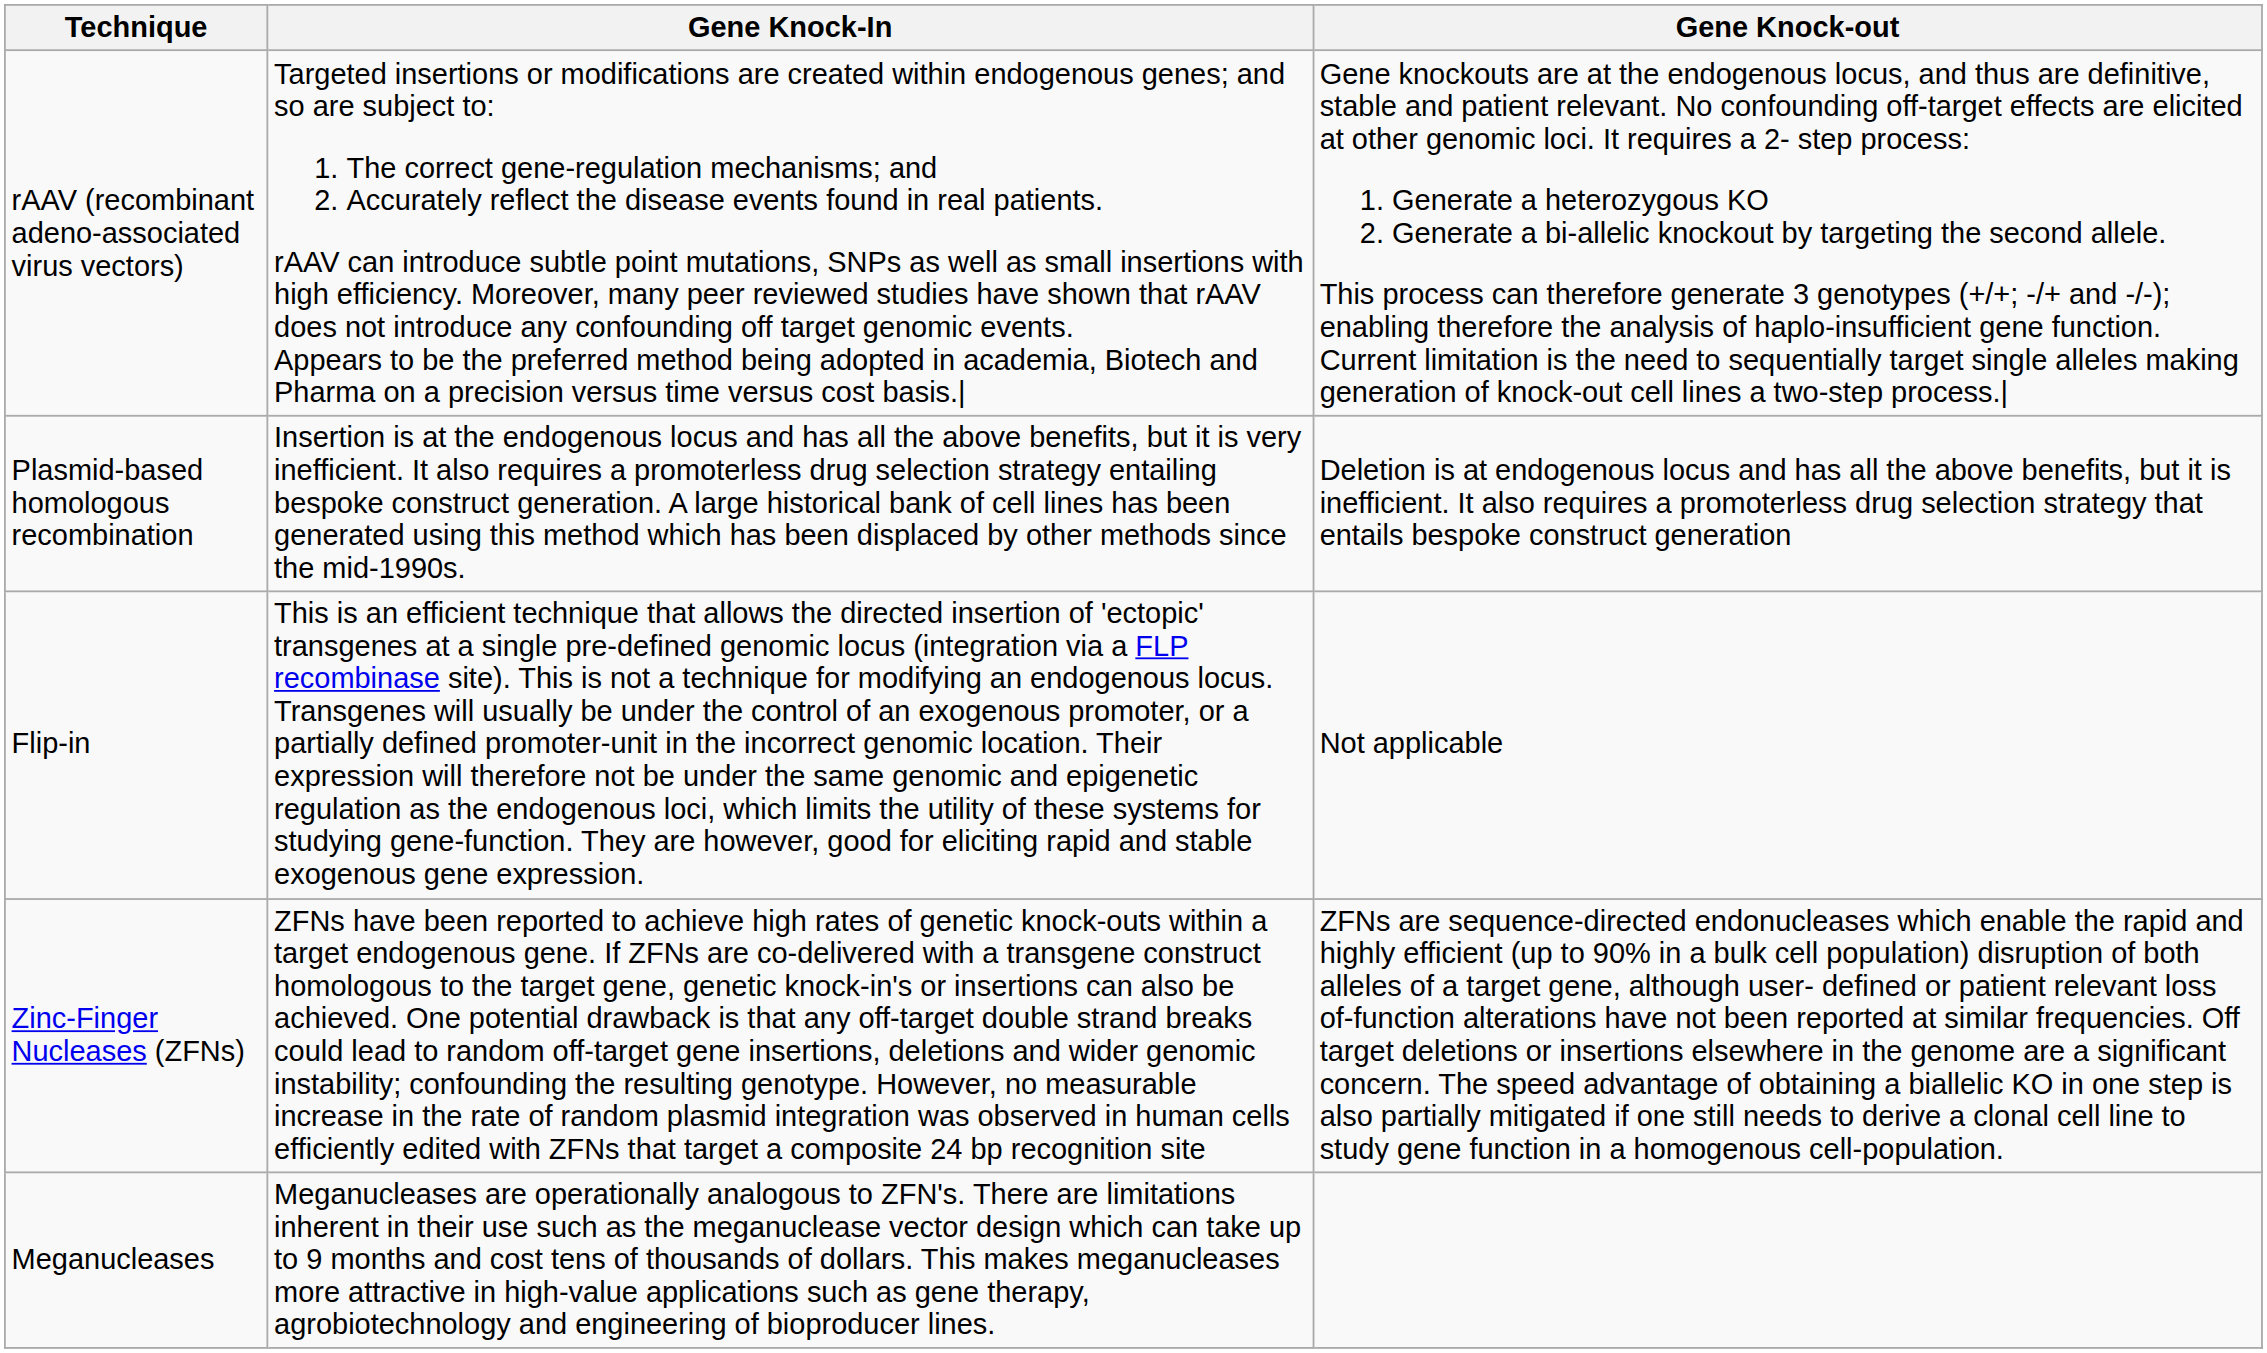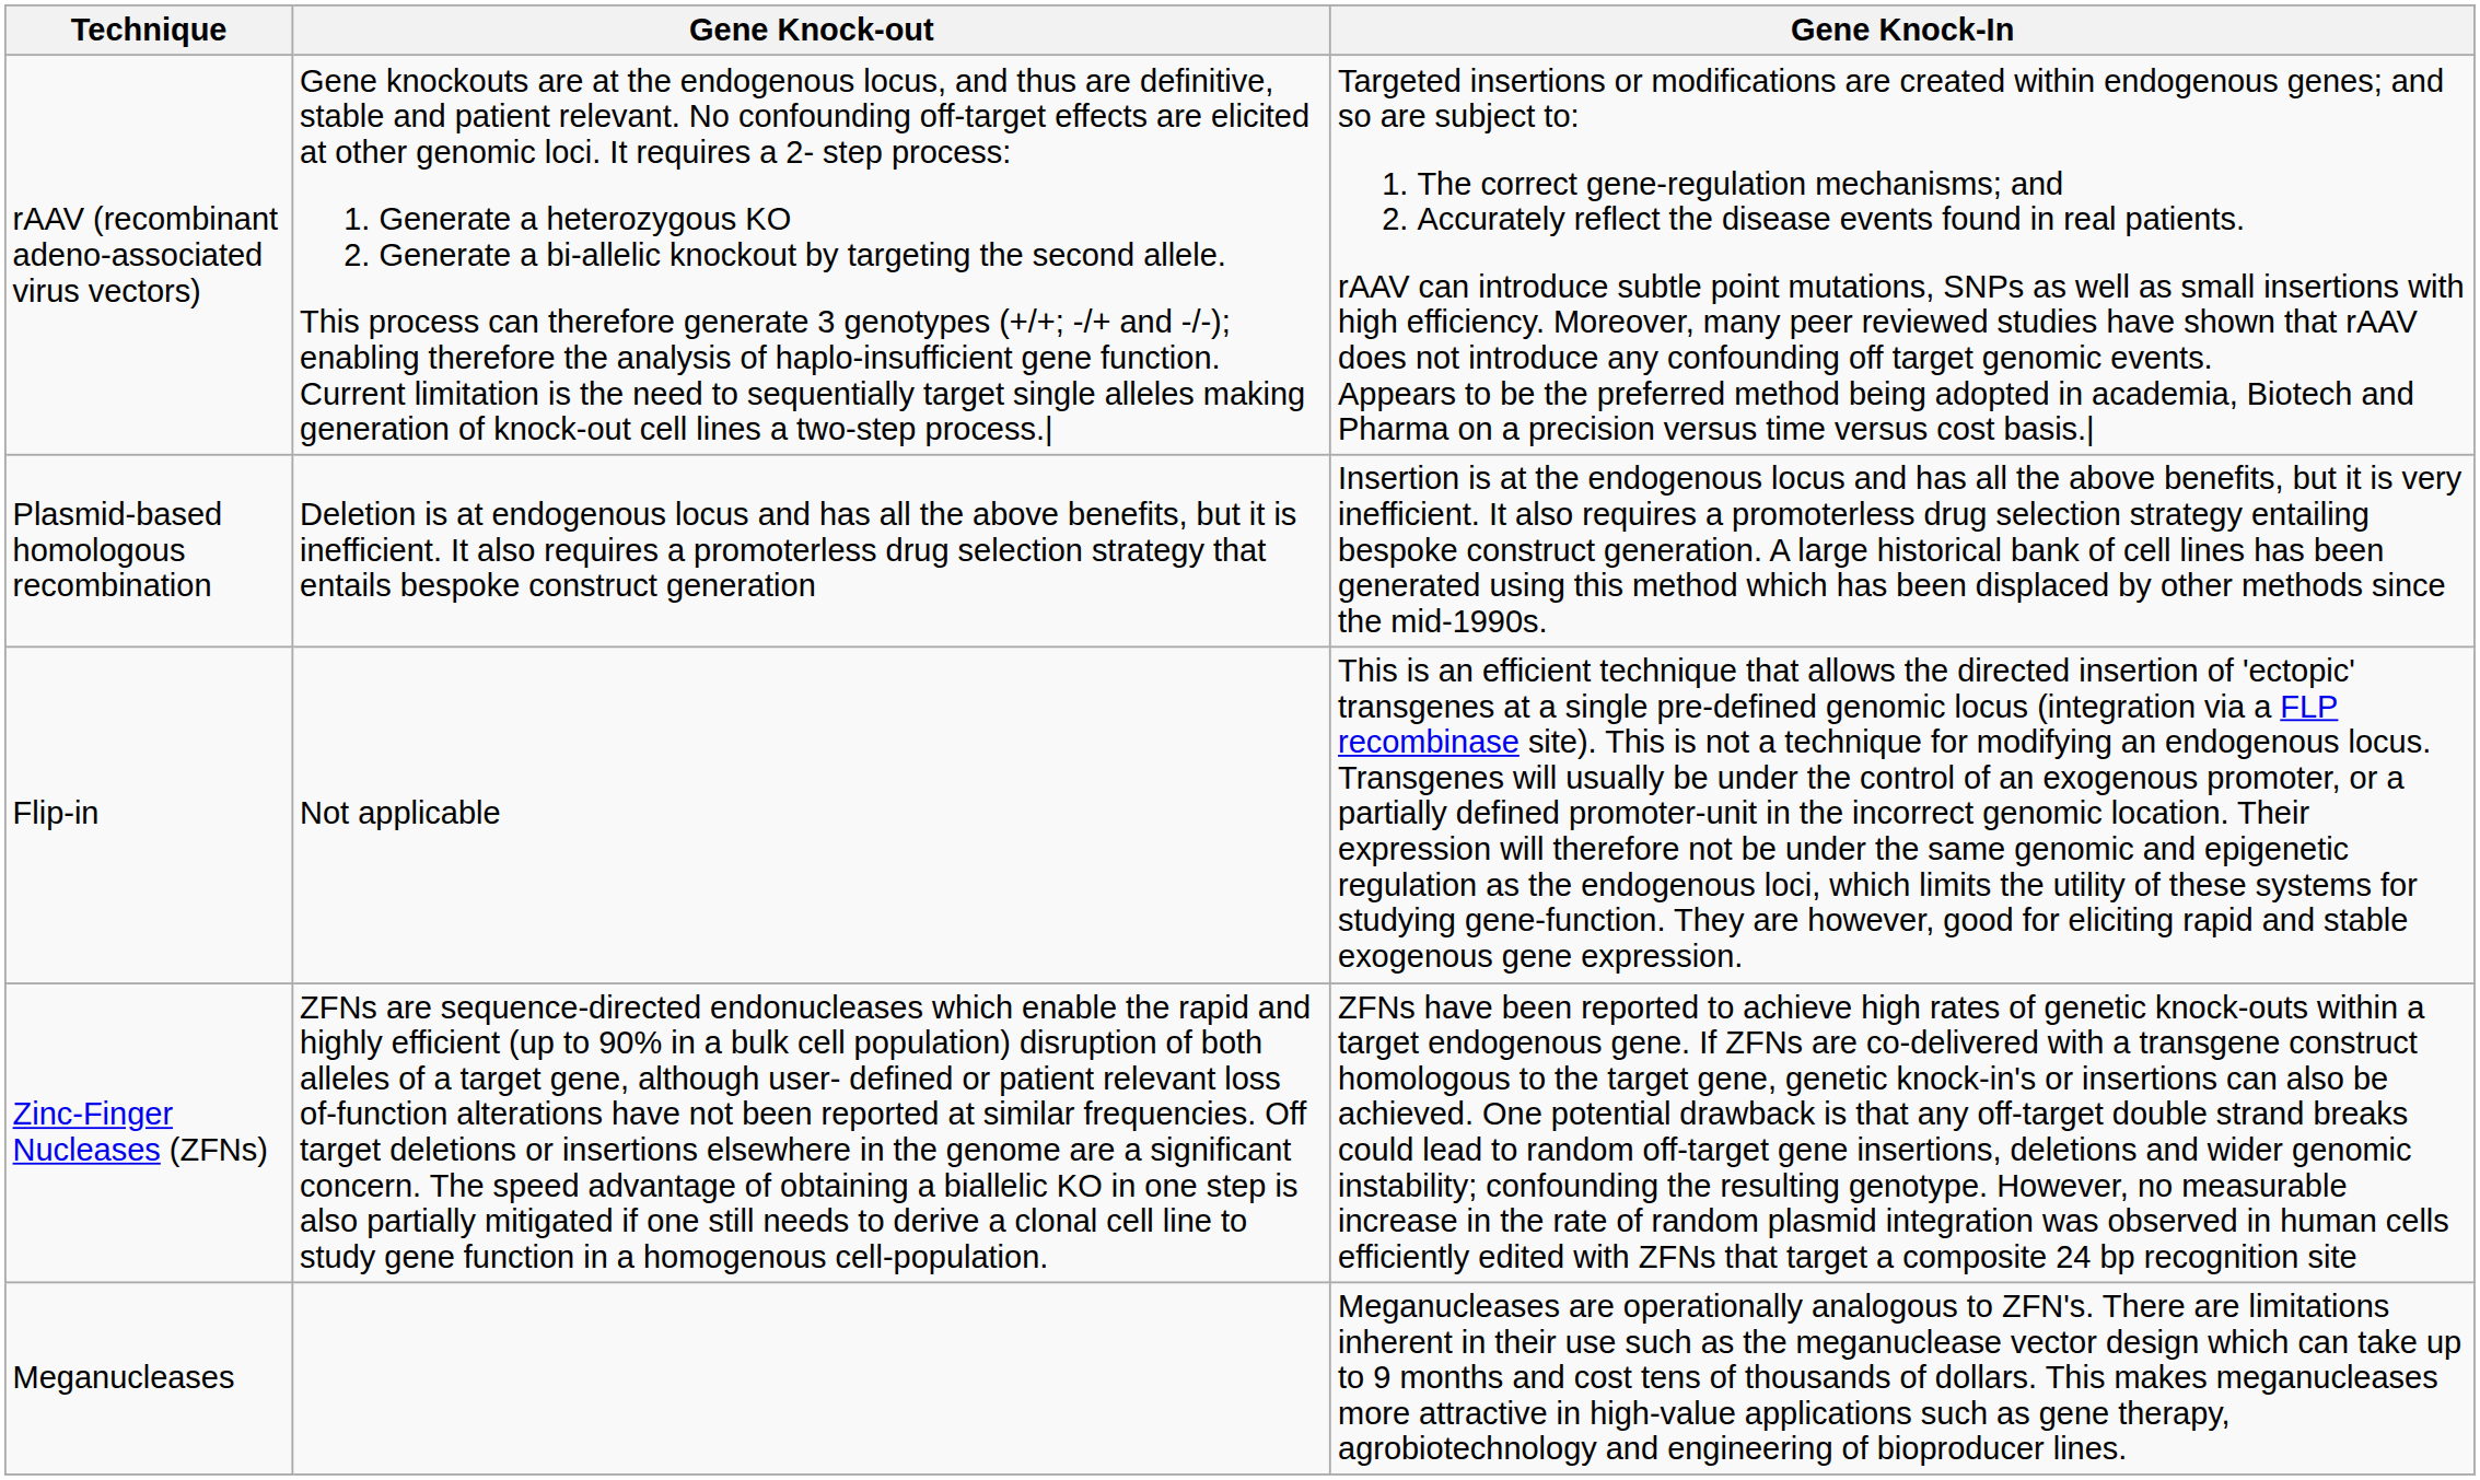 <table class="wikitable" style="text-align:left">
 <tr>
 <th>Technique</th>
+<th>Gene Knock-out</th>
 <th>Gene Knock-In</th>
-<th>Gene Knock-out</th>
 </tr>
 <tr>
 <td>rAAV (recombinant adeno-associated virus vectors)</td>
+<td>Gene knockouts are at the endogenous locus, and thus are definitive, stable and patient relevant. No confounding off-target effects are elicited at other genomic loci. It requires a 2- step process:<br><ol><li>Generate a heterozygous KO</li><li>Generate a bi-allelic knockout by targeting the second allele.</li></ol>This process can therefore generate 3 genotypes (+/+; -/+ and -/-); enabling therefore the analysis of haplo-insufficient gene function.<br>Current limitation is the need to sequentially target single alleles making generation of knock-out cell lines a two-step process.|</td>
 <td>Targeted insertions or modifications are created within endogenous genes; and so are subject to:<br><ol><li>The correct gene-regulation mechanisms; and</li><li>Accurately reflect the disease events found in real patients.</li></ol>rAAV can introduce subtle point mutations, SNPs as well as small insertions with high efficiency. Moreover, many peer reviewed studies have shown that rAAV does not introduce any confounding off target genomic events.<br>Appears to be the preferred method being adopted in academia, Biotech and Pharma on a precision versus time versus cost basis.|</td>
-<td>Gene knockouts are at the endogenous locus, and thus are definitive, stable and patient relevant. No confounding off-target effects are elicited at other genomic loci. It requires a 2- step process:<br><ol><li>Generate a heterozygous KO</li><li>Generate a bi-allelic knockout by targeting the second allele.</li></ol>This process can therefore generate 3 genotypes (+/+; -/+ and -/-); enabling therefore the analysis of haplo-insufficient gene function.<br>Current limitation is the need to sequentially target single alleles making generation of knock-out cell lines a two-step process.|</td>
 </tr>
 <tr>
 <td>Plasmid-based homologous recombination</td>
+<td>Deletion is at endogenous locus and has all the above benefits, but it is inefficient. It also requires a promoterless drug selection strategy that entails bespoke construct generation</td>
 <td>Insertion is at the endogenous locus and has all the above benefits, but it is very inefficient. It also requires a promoterless drug selection strategy entailing bespoke construct generation. A large historical bank of cell lines has been generated using this method which has been displaced by other methods since the mid-1990s.</td>
-<td>Deletion is at endogenous locus and has all the above benefits, but it is inefficient. It also requires a promoterless drug selection strategy that entails bespoke construct generation</td>
 </tr>
 <tr>
 <td>Flip-in</td>
+<td>Not applicable</td>
 <td>This is an efficient technique that allows the directed insertion of 'ectopic' transgenes at a single pre-defined genomic locus (integration via a <a href='#'>FLP recombinase</a> site). This is not a technique for modifying an endogenous locus. Transgenes will usually be under the control of an exogenous promoter, or a partially defined promoter-unit in the incorrect genomic location. Their expression will therefore not be under the same genomic and epigenetic regulation as the endogenous loci, which limits the utility of these systems for studying gene-function. They are however, good for eliciting rapid and stable exogenous gene expression.</td>
-<td>Not applicable</td>
 </tr>
 <tr>
 <td><a href='#'>Zinc-Finger Nucleases</a> (ZFNs)</td>
+<td>ZFNs are sequence-directed endonucleases which enable the rapid and highly efficient (up to 90% in a bulk cell population) disruption of both alleles of a target gene, although user- defined or patient relevant loss of-function alterations have not been reported at similar frequencies. Off target deletions or insertions elsewhere in the genome are a significant concern. The speed advantage of obtaining a biallelic KO in one step is also partially mitigated if one still needs to derive a clonal cell line to study gene function in a homogenous cell-population.</td>
 <td>ZFNs have been reported to achieve high rates of genetic knock-outs within a target endogenous gene. If ZFNs are co-delivered with a transgene construct homologous to the target gene, genetic knock-in's or insertions can also be achieved. One potential drawback is that any off-target double strand breaks could lead to random off-target gene insertions, deletions and wider genomic instability; confounding the resulting genotype. However, no measurable increase in the rate of random plasmid integration was observed in human cells efficiently edited with ZFNs that target a composite 24 bp recognition site </td>
-<td>ZFNs are sequence-directed endonucleases which enable the rapid and highly efficient (up to 90% in a bulk cell population) disruption of both alleles of a target gene, although user- defined or patient relevant loss of-function alterations have not been reported at similar frequencies. Off target deletions or insertions elsewhere in the genome are a significant concern. The speed advantage of obtaining a biallelic KO in one step is also partially mitigated if one still needs to derive a clonal cell line to study gene function in a homogenous cell-population.</td>
 </tr>
 <tr>
 <td>Meganucleases</td>
+<td></td>
 <td>Meganucleases are operationally analogous to ZFN's. There are limitations inherent in their use such as the meganuclease vector design which can take up to 9 months and cost tens of thousands of dollars. This makes meganucleases more attractive in high-value applications such as gene therapy, agrobiotechnology and engineering of bioproducer lines.</td>
-<td></td>
 </tr>
 </table>
